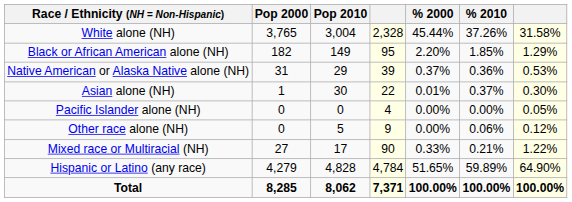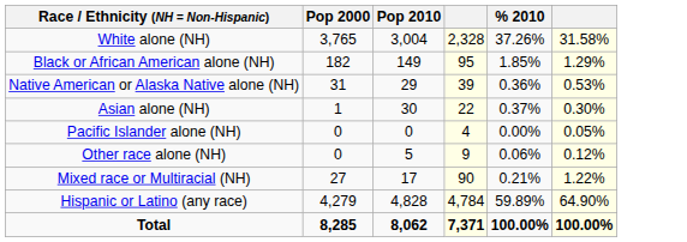 <table class="wikitable" style="text-align:center;">
 <tr>
 <th>Race / Ethnicity <small>(<em>NH = Non-Hispanic</em>)</small></th>
 <th>Pop 2000</th>
 <th>Pop 2010</th>
 <th></th>
-<th>% 2000</th>
 <th>% 2010</th>
 <th></th>
 </tr>
 <tr>
 <td><a href='#'>White</a> alone (NH)</td>
 <td>3,765</td>
 <td>3,004</td>
 <td style='background: #ffffe6;'>2,328</td>
-<td>45.44%</td>
 <td>37.26%</td>
 <td style='background: #ffffe6;'>31.58%</td>
 </tr>
 <tr>
 <td><a href='#'>Black or African American</a> alone (NH)</td>
 <td>182</td>
 <td>149</td>
 <td style='background: #ffffe6;'>95</td>
-<td>2.20%</td>
 <td>1.85%</td>
 <td style='background: #ffffe6;'>1.29%</td>
 </tr>
 <tr>
 <td><a href='#'>Native American</a> or <a href='#'>Alaska Native</a> alone (NH)</td>
 <td>31</td>
 <td>29</td>
 <td style='background: #ffffe6;'>39</td>
-<td>0.37%</td>
 <td>0.36%</td>
 <td style='background: #ffffe6;'>0.53%</td>
 </tr>
 <tr>
 <td><a href='#'>Asian</a> alone (NH)</td>
 <td>1</td>
 <td>30</td>
 <td style='background: #ffffe6;'>22</td>
-<td>0.01%</td>
 <td>0.37%</td>
 <td style='background: #ffffe6;'>0.30%</td>
 </tr>
 <tr>
 <td><a href='#'>Pacific Islander</a> alone (NH)</td>
 <td>0</td>
 <td>0</td>
 <td style='background: #ffffe6;'>4</td>
 <td>0.00%</td>
-<td>0.00%</td>
 <td style='background: #ffffe6;'>0.05%</td>
 </tr>
 <tr>
 <td><a href='#'>Other race</a> alone (NH)</td>
 <td>0</td>
 <td>5</td>
 <td style='background: #ffffe6;'>9</td>
-<td>0.00%</td>
 <td>0.06%</td>
 <td style='background: #ffffe6;'>0.12%</td>
 </tr>
 <tr>
 <td><a href='#'>Mixed race or Multiracial</a> (NH)</td>
 <td>27</td>
 <td>17</td>
 <td style='background: #ffffe6;'>90</td>
-<td>0.33%</td>
 <td>0.21%</td>
 <td style='background: #ffffe6;'>1.22%</td>
 </tr>
 <tr>
 <td><a href='#'>Hispanic or Latino</a> (any race)</td>
 <td>4,279</td>
 <td>4,828</td>
 <td style='background: #ffffe6;'>4,784</td>
-<td>51.65%</td>
 <td>59.89%</td>
 <td style='background: #ffffe6;'>64.90%</td>
 </tr>
 <tr>
 <td><strong>Total</strong></td>
 <td><strong>8,285</strong></td>
 <td><strong>8,062</strong></td>
 <td style='background: #ffffe6;'><strong>7,371</strong></td>
 <td><strong>100.00%</strong></td>
-<td><strong>100.00%</strong></td>
 <td style='background: #ffffe6;'><strong>100.00%</strong></td>
 </tr>
 </table>
